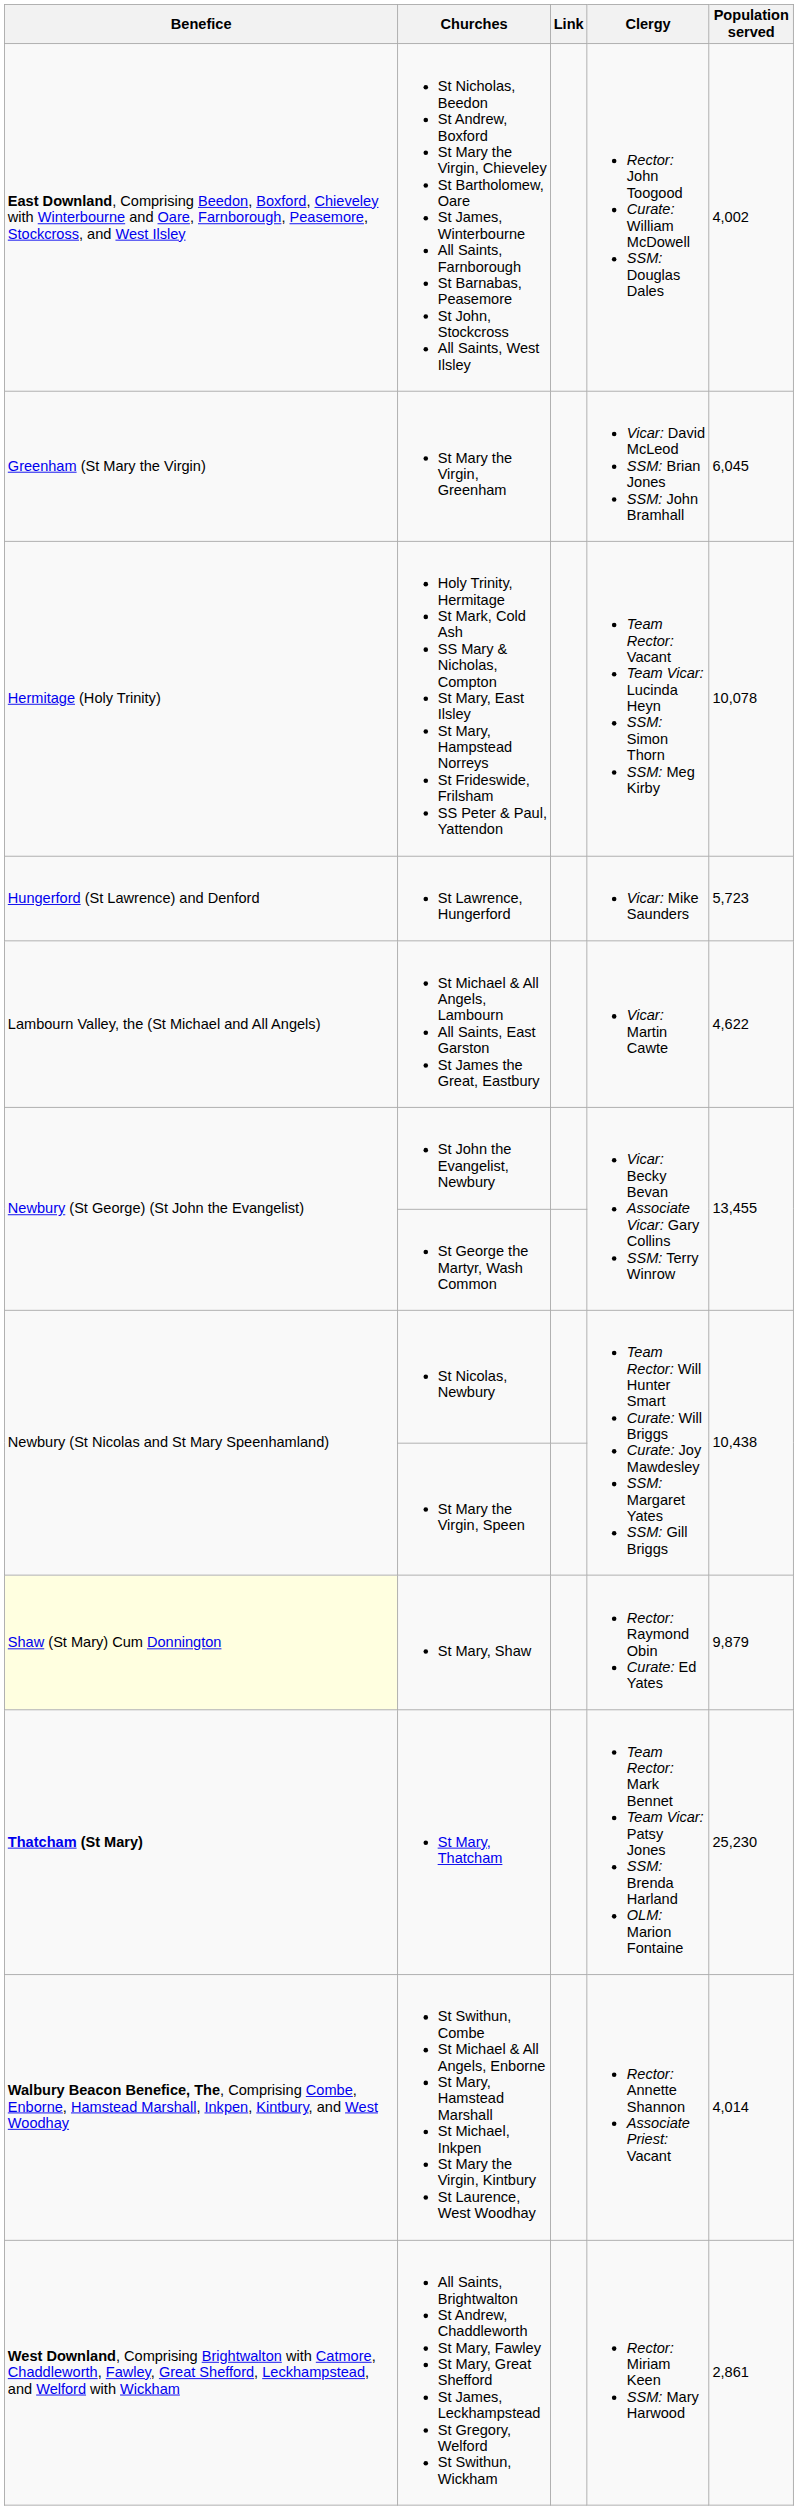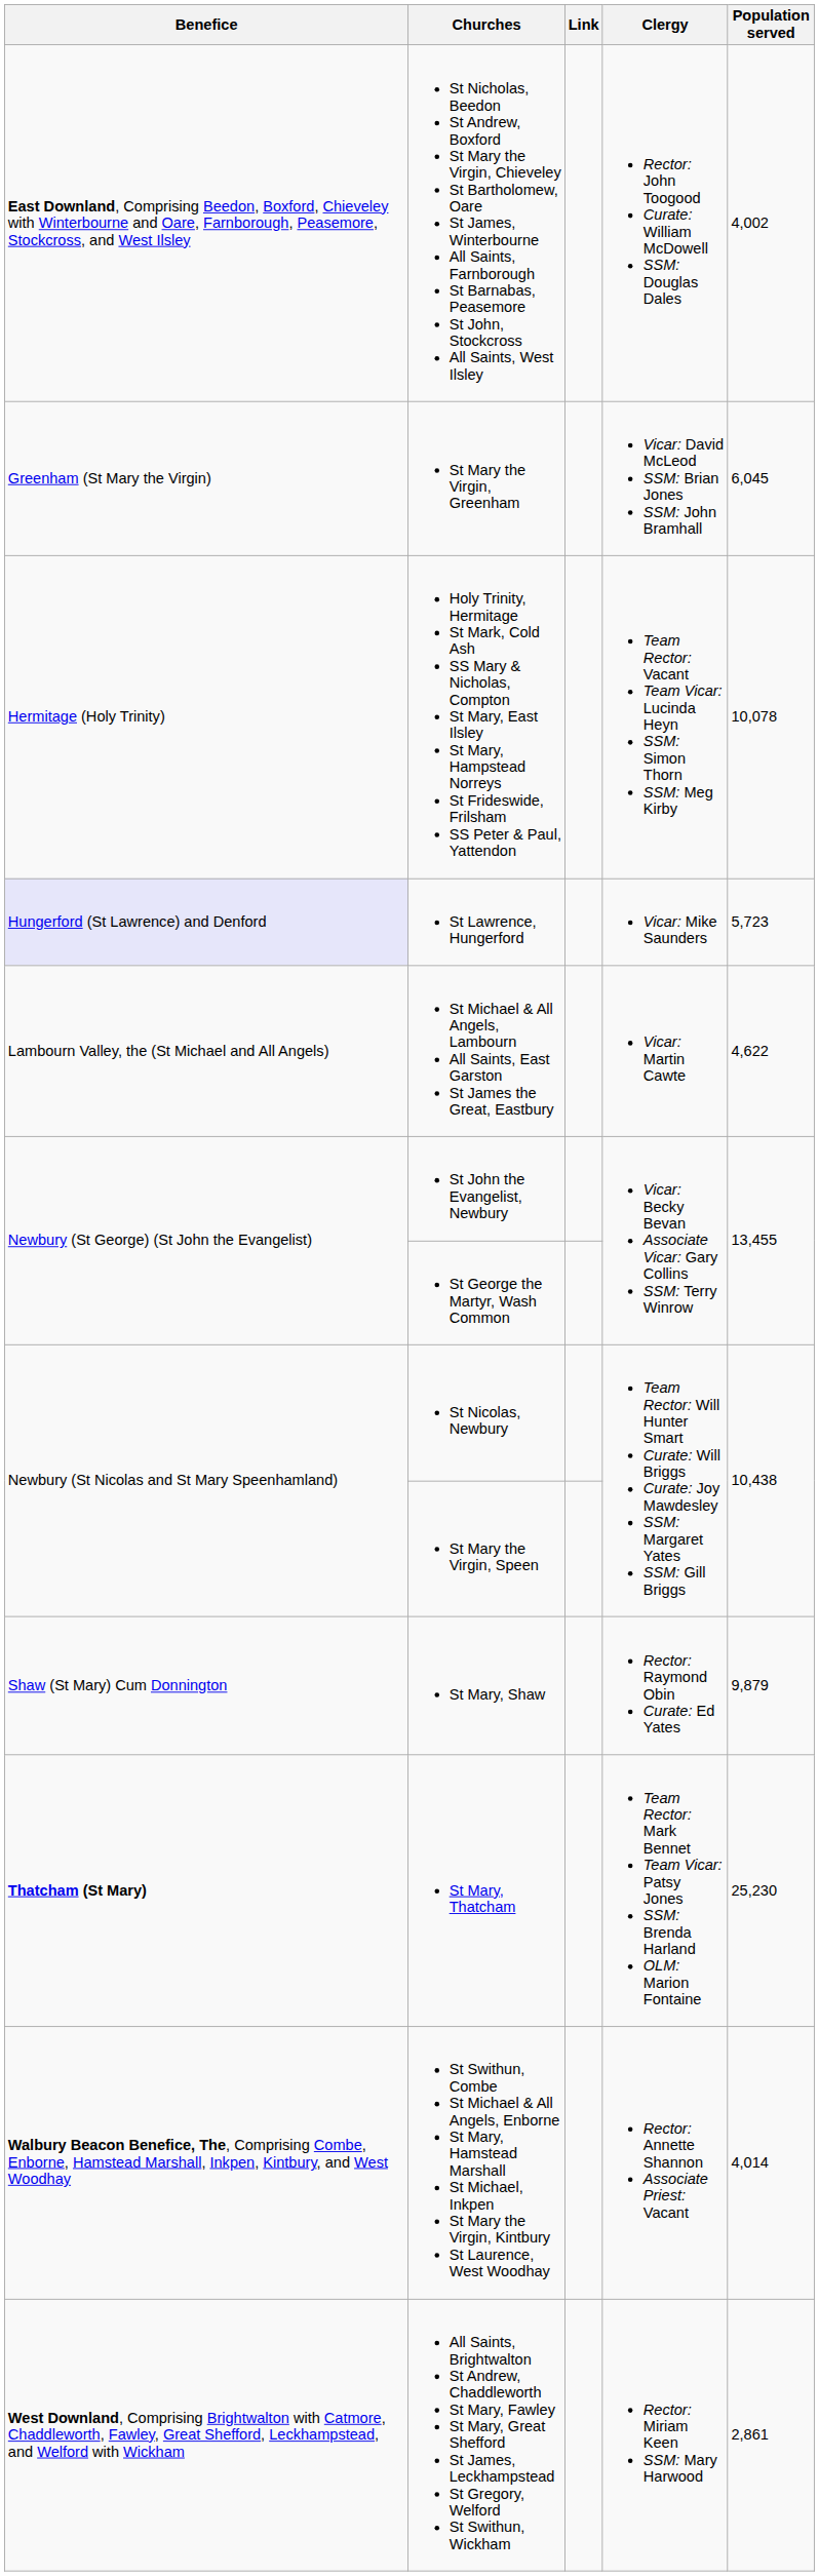 <table class="wikitable">
 <tr>
 <th width="425">Benefice</th>
 <th>Churches</th>
 <th>Link</th>
 <th>Clergy</th>
 <th>Population served</th>
 </tr>
 <tr>
 <td><strong>East Downland</strong>, Comprising <a href='#'>Beedon</a>, <a href='#'>Boxford</a>, <a href='#'>Chieveley</a> with <a href='#'>Winterbourne</a> and <a href='#'>Oare</a>, <a href='#'>Farnborough</a>, <a href='#'>Peasemore</a>, <a href='#'>Stockcross</a>, and <a href='#'>West Ilsley</a></td>
 <td><br><ul><li>St Nicholas, Beedon</li><li>St Andrew, Boxford</li><li>St Mary the Virgin, Chieveley</li><li>St Bartholomew, Oare</li><li>St James, Winterbourne</li><li>All Saints, Farnborough</li><li>St Barnabas, Peasemore</li><li>St John, Stockcross</li><li>All Saints, West Ilsley</li></ul></td>
 <td></td>
 <td><br><ul><li><em>Rector:</em> John Toogood</li><li><em>Curate:</em> William McDowell</li><li><em>SSM:</em> Douglas Dales</li></ul></td>
 <td>4,002</td>
 </tr>
 <tr>
 <td><a href='#'>Greenham</a> (St Mary the Virgin)</td>
 <td><br><ul><li>St Mary the Virgin, Greenham</li></ul></td>
 <td></td>
 <td><br><ul><li><em>Vicar:</em> David McLeod</li><li><em>SSM:</em> Brian Jones</li><li><em>SSM:</em> John Bramhall</li></ul></td>
 <td>6,045</td>
 </tr>
 <tr>
 <td><a href='#'>Hermitage</a> (Holy Trinity)</td>
 <td><br><ul><li>Holy Trinity, Hermitage</li><li>St Mark, Cold Ash</li><li>SS Mary & Nicholas, Compton</li><li>St Mary, East Ilsley</li><li>St Mary, Hampstead Norreys</li><li>St Frideswide, Frilsham</li><li>SS Peter & Paul, Yattendon</li></ul></td>
 <td></td>
 <td><br><ul><li><em>Team Rector:</em> Vacant</li><li><em>Team Vicar:</em> Lucinda Heyn</li><li><em>SSM:</em> Simon Thorn</li><li><em>SSM:</em> Meg Kirby</li></ul></td>
 <td>10,078</td>
 </tr>
 <tr>
-<td><a href='#'>Hungerford</a> (St Lawrence) and Denford</td>
+<td style="background: lavender;"><a href='#'>Hungerford</a> (St Lawrence) and Denford</td>
 <td><br><ul><li>St Lawrence, Hungerford</li></ul></td>
 <td></td>
 <td><br><ul><li><em>Vicar:</em> Mike Saunders</li></ul></td>
 <td>5,723</td>
 </tr>
 <tr>
 <td>Lambourn Valley, the (St Michael and All Angels)</td>
 <td><br><ul><li>St Michael & All Angels, Lambourn</li><li>All Saints, East Garston</li><li>St James the Great, Eastbury</li></ul></td>
 <td></td>
 <td><br><ul><li><em>Vicar:</em> Martin Cawte</li></ul></td>
 <td>4,622</td>
 </tr>
 <tr>
 <td rowspan="2"><a href='#'>Newbury</a> (St George) (St John the Evangelist)</td>
 <td><br><ul><li>St John the Evangelist, Newbury</li></ul></td>
 <td></td>
 <td rowspan="2"><br><ul><li><em>Vicar:</em> Becky Bevan</li><li><em>Associate Vicar:</em> Gary Collins</li><li><em>SSM:</em> Terry Winrow</li></ul></td>
 <td rowspan="2">13,455</td>
 </tr>
 <tr>
 <td><br><ul><li>St George the Martyr, Wash Common</li></ul></td>
 <td></td>
 </tr>
 <tr>
 <td rowspan="2">Newbury (St Nicolas and St Mary Speenhamland)</td>
 <td><br><ul><li>St Nicolas, Newbury</li></ul></td>
 <td></td>
 <td rowspan="2"><br><ul><li><em>Team Rector:</em> Will Hunter Smart</li><li><em>Curate:</em> Will Briggs</li><li><em>Curate:</em> Joy Mawdesley</li><li><em>SSM:</em> Margaret Yates</li><li><em>SSM:</em> Gill Briggs</li></ul></td>
 <td rowspan="2">10,438</td>
 </tr>
 <tr>
 <td><br><ul><li>St Mary the Virgin, Speen</li></ul></td>
 <td></td>
 </tr>
 <tr>
-<td style="background: lightyellow;"><a href='#'>Shaw</a> (St Mary) Cum <a href='#'>Donnington</a></td>
+<td><a href='#'>Shaw</a> (St Mary) Cum <a href='#'>Donnington</a></td>
 <td><br><ul><li>St Mary, Shaw</li></ul></td>
 <td></td>
 <td><br><ul><li><em>Rector:</em> Raymond Obin</li><li><em>Curate:</em> Ed Yates</li></ul></td>
 <td>9,879</td>
 </tr>
 <tr>
 <td><strong><a href='#'>Thatcham</a> (St Mary)</strong></td>
 <td><br><ul><li><a href='#'>St Mary, Thatcham</a></li></ul></td>
 <td></td>
 <td><br><ul><li><em>Team Rector:</em> Mark Bennet</li><li><em>Team Vicar:</em> Patsy Jones</li><li><em>SSM:</em> Brenda Harland</li><li><em>OLM:</em> Marion Fontaine</li></ul></td>
 <td>25,230</td>
 </tr>
 <tr>
 <td><strong>Walbury Beacon Benefice, The</strong>, Comprising <a href='#'>Combe</a>, <a href='#'>Enborne</a>, <a href='#'>Hamstead Marshall</a>, <a href='#'>Inkpen</a>, <a href='#'>Kintbury</a>, and <a href='#'>West Woodhay</a></td>
 <td><br><ul><li>St Swithun, Combe</li><li>St Michael & All Angels, Enborne</li><li>St Mary, Hamstead Marshall</li><li>St Michael, Inkpen</li><li>St Mary the Virgin, Kintbury</li><li>St Laurence, West Woodhay</li></ul></td>
 <td></td>
 <td><br><ul><li><em>Rector:</em> Annette Shannon</li><li><em>Associate Priest:</em> Vacant</li></ul></td>
 <td>4,014</td>
 </tr>
 <tr>
 <td><strong>West Downland</strong>, Comprising <a href='#'>Brightwalton</a> with <a href='#'>Catmore</a>, <a href='#'>Chaddleworth</a>, <a href='#'>Fawley</a>, <a href='#'>Great Shefford</a>, <a href='#'>Leckhampstead</a>, and <a href='#'>Welford</a> with <a href='#'>Wickham</a></td>
 <td><br><ul><li>All Saints, Brightwalton</li><li>St Andrew, Chaddleworth</li><li>St Mary, Fawley</li><li>St Mary, Great Shefford</li><li>St James, Leckhampstead</li><li>St Gregory, Welford</li><li>St Swithun, Wickham</li></ul></td>
 <td></td>
 <td><br><ul><li><em>Rector:</em> Miriam Keen</li><li><em>SSM:</em> Mary Harwood</li></ul></td>
 <td>2,861</td>
 </tr>
 </table>
